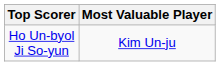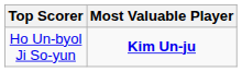 <table class="wikitable" style="margin: 0 auto;">
 <tr>
 <th>Top Scorer</th>
 <th>Most Valuable Player</th>
 </tr>
 <tr>
 <td align=center> <a href='#'>Ho Un-byol</a><br> <a href='#'>Ji So-yun</a></td>
-<td align=center> <a href='#'>Kim Un-ju</a></td>
+<td align=center><strong> <a href='#'>Kim Un-ju</a></strong></td>
 </tr>
 </table>
